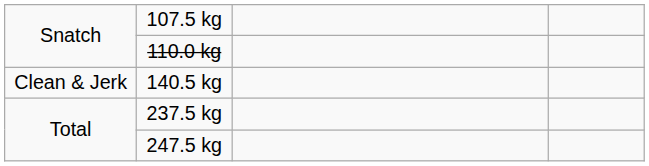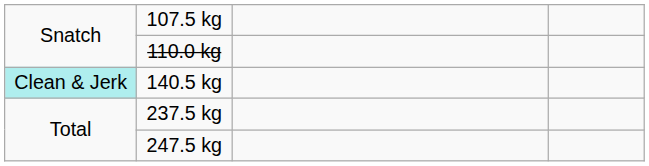 <table class = "wikitable" style="text-align:center;">
 <tr>
 <td rowspan=2 width=100>Snatch</td>
 <td width=70>107.5 kg</td>
 <td width=250 align=left></td>
 <td width=70></td>
 </tr>
 <tr>
 <td><s>110.0 kg</s></td>
 <td align=left><s></s></td>
 <td><s></s></td>
 </tr>
 <tr>
-<td>Clean & Jerk</td>
+<td style="background: paleturquoise;">Clean & Jerk</td>
 <td>140.5 kg</td>
 <td align=left></td>
 <td></td>
 </tr>
 <tr>
 <td rowspan=2>Total</td>
 <td>237.5 kg</td>
 <td align=left></td>
 <td></td>
 </tr>
 <tr>
 <td>247.5 kg</td>
 <td align=left></td>
 <td></td>
 </tr>
 </table>
